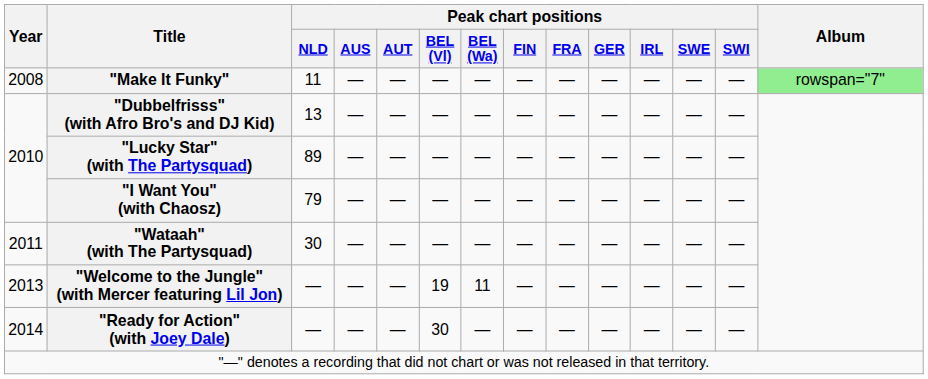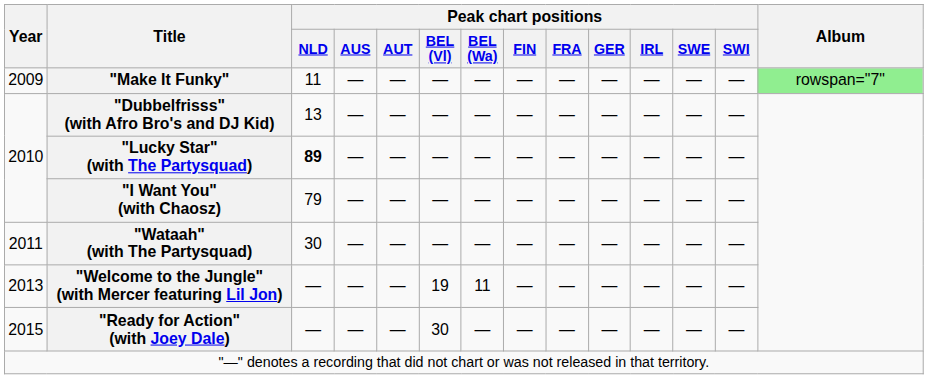 <table class="wikitable plainrowheaders" style="text-align:center;">
 <tr>
 <th scope="col" rowspan="2" style="width:1em;">Year</th>
 <th scope="col" rowspan="2" style="width:15em;">Title</th>
 <th scope="col" colspan="11">Peak chart positions</th>
 <th scope="col" rowspan="2" style="width:10em;">Album</th>
 </tr>
 <tr>
 <th scope="col" style="width:2.5em;font-size:90%;"><a href='#'>NLD</a><br></th>
 <th scope="col" style="width:2.5em;font-size:90%;"><a href='#'>AUS</a><br></th>
 <th scope="col" style="width:2.5em;font-size:90%;"><a href='#'>AUT</a><br></th>
 <th scope="col" style="width:2.5em;font-size:90%;"><a href='#'>BEL (Vl)</a><br></th>
 <th scope="col" style="width:2.5em;font-size:90%;"><a href='#'>BEL (Wa)</a><br></th>
 <th scope="col" style="width:2.5em;font-size:90%;"><a href='#'>FIN</a><br></th>
 <th scope="col" style="width:2.5em;font-size:90%;"><a href='#'>FRA</a><br></th>
 <th scope="col" style="width:2.5em;font-size:90%;"><a href='#'>GER</a><br></th>
 <th scope="col" style="width:2.5em;font-size:90%;"><a href='#'>IRL</a><br></th>
 <th scope="col" style="width:2.5em;font-size:90%;"><a href='#'>SWE</a><br></th>
 <th scope="col" style="width:2.5em;font-size:90%;"><a href='#'>SWI</a><br></th>
 </tr>
 <tr>
-<td rowspan="1">2008</td>
+<td rowspan="1">2009</td>
 <th scope="row">"Make It Funky"</th>
 <td>11</td>
 <td>—</td>
 <td>—</td>
 <td>—</td>
 <td>—</td>
 <td>—</td>
 <td>—</td>
 <td>—</td>
 <td>—</td>
 <td>—</td>
 <td>—</td>
 <td style="background: lightgreen;">rowspan="7" </td>
 </tr>
 <tr>
 <td rowspan="3">2010</td>
 <th scope="row">"Dubbelfrisss" <br><span>(with Afro Bro's and DJ Kid)</span></th>
 <td>13</td>
 <td>—</td>
 <td>—</td>
 <td>—</td>
 <td>—</td>
 <td>—</td>
 <td>—</td>
 <td>—</td>
 <td>—</td>
 <td>—</td>
 <td>—</td>
 </tr>
 <tr>
 <th scope="row">"Lucky Star" <br><span>(with <a href='#'>The Partysquad</a>)</span></th>
-<td>89</td>
+<td><strong>89</strong></td>
 <td>—</td>
 <td>—</td>
 <td>—</td>
 <td>—</td>
 <td>—</td>
 <td>—</td>
 <td>—</td>
 <td>—</td>
 <td>—</td>
 <td>—</td>
 </tr>
 <tr>
 <th scope="row">"I Want You" <br><span>(with Chaosz)</span></th>
 <td>79</td>
 <td>—</td>
 <td>—</td>
 <td>—</td>
 <td>—</td>
 <td>—</td>
 <td>—</td>
 <td>—</td>
 <td>—</td>
 <td>—</td>
 <td>—</td>
 </tr>
 <tr>
 <td rowspan="1">2011</td>
 <th scope="row">"Wataah" <br><span>(with The Partysquad)</span></th>
 <td>30</td>
 <td>—</td>
 <td>—</td>
 <td>—</td>
 <td>—</td>
 <td>—</td>
 <td>—</td>
 <td>—</td>
 <td>—</td>
 <td>—</td>
 <td>—</td>
 </tr>
 <tr>
 <td rowspan="1">2013</td>
 <th scope="row">"Welcome to the Jungle" <br><span>(with Mercer featuring <a href='#'>Lil Jon</a>)</span></th>
 <td>—</td>
 <td>—</td>
 <td>—</td>
 <td>19</td>
 <td>11</td>
 <td>—</td>
 <td>—</td>
 <td>—</td>
 <td>—</td>
 <td>—</td>
 <td>—</td>
 </tr>
 <tr>
-<td rowspan="1">2014</td>
+<td rowspan="1">2015</td>
 <th scope="row">"Ready for Action" <br><span>(with <a href='#'>Joey Dale</a>)</span></th>
 <td>—</td>
 <td>—</td>
 <td>—</td>
 <td>30</td>
 <td>—</td>
 <td>—</td>
 <td>—</td>
 <td>—</td>
 <td>—</td>
 <td>—</td>
 <td>—</td>
 </tr>
 <tr>
 <td colspan="16" style="font-size:90%">"—" denotes a recording that did not chart or was not released in that territory.</td>
 </tr>
 </table>
